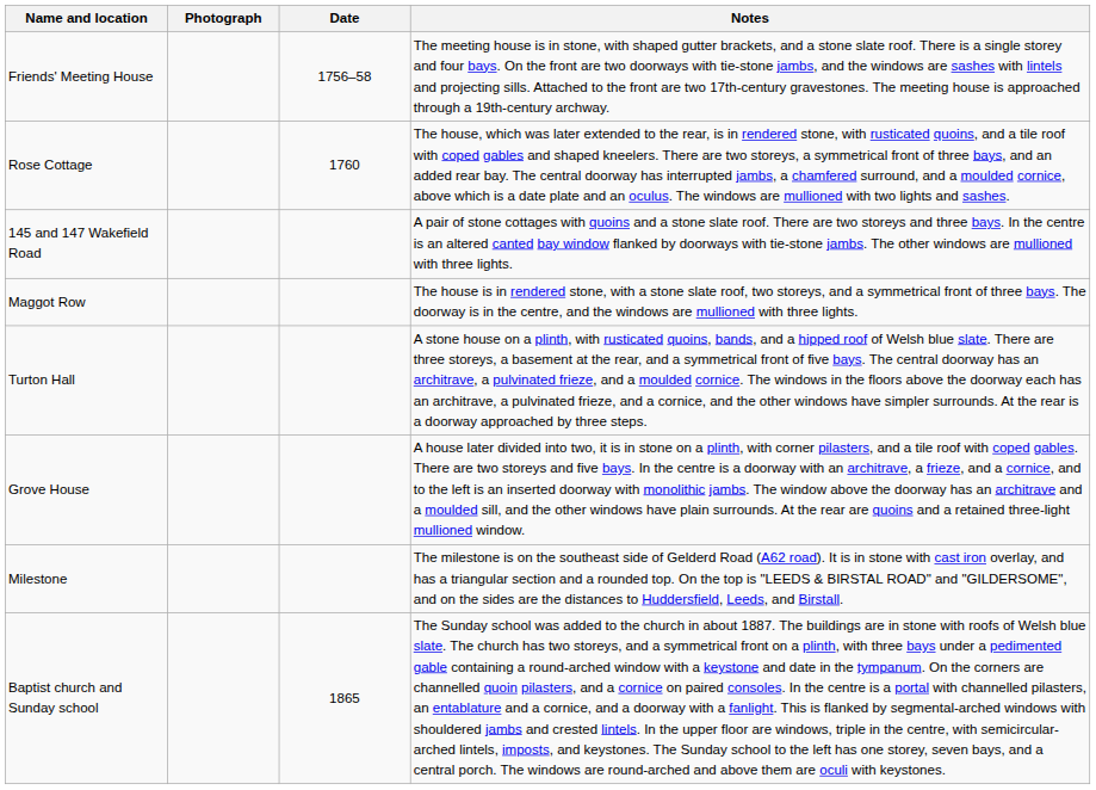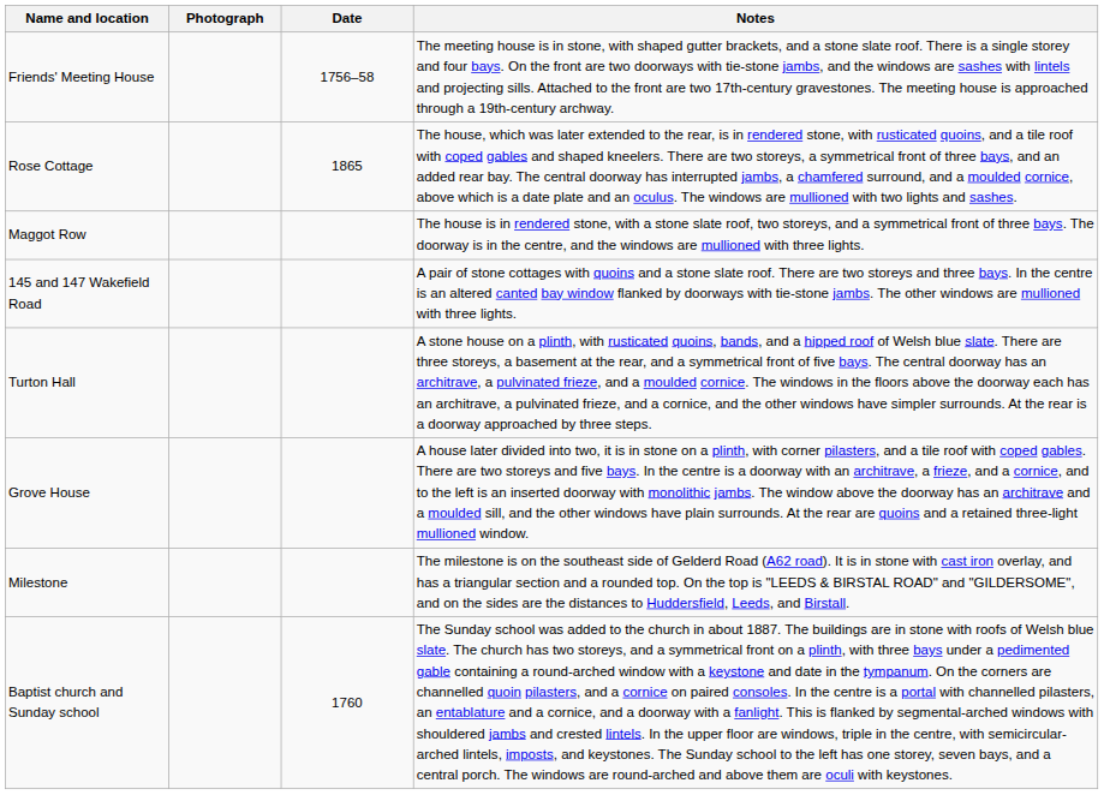 <table class="wikitable sortable plainrowheaders" style="width:100%;border:0px;text-align:left;line-height:150%;">
 <tr>
 <th scope="col"  style="width:150px">Name and location</th>
 <th scope="col"  style="width:100px" class="unsortable">Photograph</th>
 <th scope="col"  style="width:120px">Date</th>
 <th scope="col"  style="width:650px" class="unsortable">Notes</th>
 </tr>
 <tr>
 <td>Friends' Meeting House<br><small></small></td>
 <td></td>
 <td align="center">1756–58</td>
 <td>The meeting house is in stone, with shaped gutter brackets, and a stone slate roof.  There is a single storey and four <a href='#'>bays</a>.  On the front are two doorways with tie-stone <a href='#'>jambs</a>, and the windows are <a href='#'>sashes</a> with <a href='#'>lintels</a> and projecting sills.  Attached to the front are two 17th-century gravestones.  The meeting house is approached through a 19th-century archway.</td>
 </tr>
 <tr>
 <td>Rose Cottage<br><small></small></td>
 <td></td>
-<td align="center">1760</td>
+<td align="center">1865</td>
 <td>The house, which was later extended to the rear, is in <a href='#'>rendered</a> stone, with <a href='#'>rusticated</a> <a href='#'>quoins</a>, and a tile roof with <a href='#'>coped</a> <a href='#'>gables</a> and shaped kneelers.  There are two storeys, a symmetrical front of three <a href='#'>bays</a>, and an added rear bay.  The central doorway has interrupted <a href='#'>jambs</a>, a <a href='#'>chamfered</a> surround, and a <a href='#'>moulded</a> <a href='#'>cornice</a>, above which is a date plate and an <a href='#'>oculus</a>.  The windows are <a href='#'>mullioned</a> with two lights and <a href='#'>sashes</a>.</td>
+</tr>
+<tr>
+<td>Maggot Row<br><small></small></td>
+<td></td>
+<td align="center"></td>
+<td>The house is in <a href='#'>rendered</a> stone, with a stone slate roof, two storeys, and a symmetrical front of three <a href='#'>bays</a>.  The doorway is in the centre, and the windows are <a href='#'>mullioned</a> with three lights.</td>
 </tr>
 <tr>
 <td>145 and 147 Wakefield Road<br><small></small></td>
 <td></td>
 <td align="center"></td>
 <td>A pair of stone cottages with <a href='#'>quoins</a> and a stone slate roof.  There are two storeys and three <a href='#'>bays</a>.  In the centre is an altered <a href='#'>canted</a> <a href='#'>bay window</a> flanked by doorways with tie-stone <a href='#'>jambs</a>.  The other windows are <a href='#'>mullioned</a> with three lights.</td>
-</tr>
-<tr>
-<td>Maggot Row<br><small></small></td>
-<td></td>
-<td align="center"></td>
-<td>The house is in <a href='#'>rendered</a> stone, with a stone slate roof, two storeys, and a symmetrical front of three <a href='#'>bays</a>.  The doorway is in the centre, and the windows are <a href='#'>mullioned</a> with three lights.</td>
 </tr>
 <tr>
 <td>Turton Hall<br><small></small></td>
 <td></td>
 <td align="center"></td>
 <td>A stone house on a <a href='#'>plinth</a>, with <a href='#'>rusticated</a> <a href='#'>quoins</a>, <a href='#'>bands</a>, and a <a href='#'>hipped roof</a> of Welsh blue <a href='#'>slate</a>.  There are three storeys, a basement at the rear, and a symmetrical front of five <a href='#'>bays</a>.  The central doorway has an <a href='#'>architrave</a>, a <a href='#'>pulvinated frieze</a>, and a <a href='#'>moulded</a> <a href='#'>cornice</a>.  The windows in the floors above the doorway each has an architrave, a pulvinated frieze, and a cornice, and the other windows have simpler surrounds.  At the rear is a doorway approached by three steps.</td>
 </tr>
 <tr>
 <td>Grove House<br><small></small></td>
 <td></td>
 <td align="center"></td>
 <td>A house later divided into two, it is in stone on a <a href='#'>plinth</a>, with corner <a href='#'>pilasters</a>, and a tile roof with <a href='#'>coped</a> <a href='#'>gables</a>.  There are two storeys and five <a href='#'>bays</a>.  In the centre is a doorway with an <a href='#'>architrave</a>, a <a href='#'>frieze</a>, and a <a href='#'>cornice</a>, and to the left is an inserted doorway with <a href='#'>monolithic</a> <a href='#'>jambs</a>.  The window above the doorway has an <a href='#'>architrave</a> and a <a href='#'>moulded</a> sill, and the other windows have plain surrounds.  At the rear are <a href='#'>quoins</a> and a retained three-light <a href='#'>mullioned</a> window.</td>
 </tr>
 <tr>
 <td>Milestone<br><small></small></td>
 <td></td>
 <td align="center"></td>
 <td>The milestone is on the southeast side of Gelderd Road (<a href='#'>A62 road</a>).  It is in stone with <a href='#'>cast iron</a> overlay, and has a triangular section and a rounded top.  On the top is "LEEDS & BIRSTAL ROAD" and "GILDERSOME", and on the sides are the distances to <a href='#'>Huddersfield</a>, <a href='#'>Leeds</a>, and <a href='#'>Birstall</a>.</td>
 </tr>
 <tr>
 <td>Baptist church and Sunday school<br><small></small></td>
 <td></td>
-<td align="center">1865</td>
+<td align="center">1760</td>
 <td>The Sunday school was added to the church in about 1887.  The buildings are in stone with roofs of Welsh blue <a href='#'>slate</a>.  The church has two storeys, and a symmetrical front on a <a href='#'>plinth</a>, with three <a href='#'>bays</a> under a <a href='#'>pedimented</a> <a href='#'>gable</a> containing a round-arched window with a <a href='#'>keystone</a> and date in the <a href='#'>tympanum</a>.  On the corners are channelled <a href='#'>quoin</a> <a href='#'>pilasters</a>, and a <a href='#'>cornice</a> on paired <a href='#'>consoles</a>.  In the centre is a <a href='#'>portal</a> with channelled pilasters, an <a href='#'>entablature</a> and a cornice, and a doorway with a <a href='#'>fanlight</a>.  This is flanked by segmental-arched windows with shouldered <a href='#'>jambs</a> and crested <a href='#'>lintels</a>.  In the upper floor are windows, triple in the centre, with semicircular-arched lintels, <a href='#'>imposts</a>, and keystones.  The Sunday school to the left has one storey, seven bays, and a central porch.  The windows are round-arched and above them are <a href='#'>oculi</a> with keystones.</td>
 </tr>
 <tr>
 </tr>
 </table>
